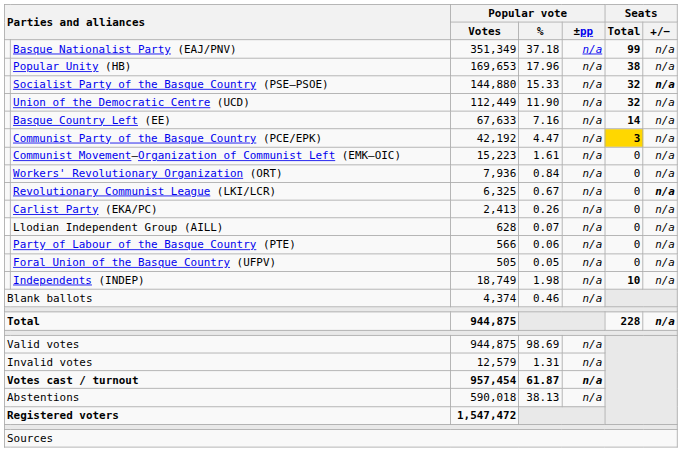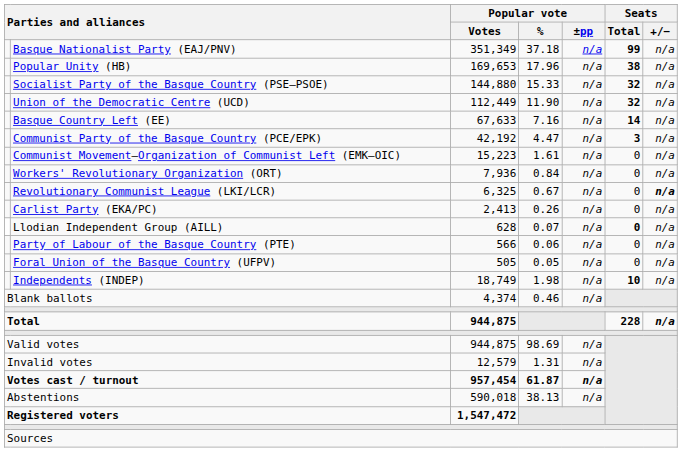 <table class="wikitable" style="text-align:right;">
 <tr>
 <th style="text-align:left;" rowspan="2" colspan="2" width="525">Parties and alliances</th>
 <th colspan="3">Popular vote</th>
 <th colspan="2">Seats</th>
 </tr>
 <tr>
 <th width="75">Votes</th>
 <th width="45">%</th>
 <th width="45">±<a href='#'>pp</a></th>
 <th width="35">Total</th>
 <th width="35">+/−</th>
 </tr>
 <tr>
 <td width="1" style="color:inherit;background:"></td>
 <td align="left"><a href='#'>Basque Nationalist Party</a> (EAJ/PNV)</td>
 <td>351,349</td>
 <td>37.18</td>
 <td><em><a href='#'>n/a</a></em></td>
 <td><strong>99</strong></td>
 <td><em>n/a</em></td>
 </tr>
 <tr>
 <td style="color:inherit;background:"></td>
 <td align="left"><a href='#'>Popular Unity</a> (HB)</td>
 <td>169,653</td>
 <td>17.96</td>
 <td><em>n/a</em></td>
 <td><strong>38</strong></td>
 <td><em>n/a</em></td>
 </tr>
 <tr>
 <td style="color:inherit;background:"></td>
 <td align="left"><a href='#'>Socialist Party of the Basque Country</a> (PSE–PSOE)</td>
 <td>144,880</td>
 <td>15.33</td>
 <td><em>n/a</em></td>
 <td><strong>32</strong></td>
-<td><strong><em>n/a</em></strong></td>
+<td><em>n/a</em></td>
 </tr>
 <tr>
 <td style="color:inherit;background:"></td>
 <td align="left"><a href='#'>Union of the Democratic Centre</a> (UCD)</td>
 <td>112,449</td>
 <td>11.90</td>
 <td><em>n/a</em></td>
 <td><strong>32</strong></td>
 <td><em>n/a</em></td>
 </tr>
 <tr>
 <td style="color:inherit;background:"></td>
 <td align="left"><a href='#'>Basque Country Left</a> (EE)</td>
 <td>67,633</td>
 <td>7.16</td>
 <td><em>n/a</em></td>
 <td><strong>14</strong></td>
 <td><em>n/a</em></td>
 </tr>
 <tr>
 <td style="color:inherit;background:"></td>
 <td align="left"><a href='#'>Communist Party of the Basque Country</a> (PCE/EPK)</td>
 <td>42,192</td>
 <td>4.47</td>
 <td><em>n/a</em></td>
-<td style="background: gold;"><strong>3</strong></td>
+<td><strong>3</strong></td>
 <td><em>n/a</em></td>
 </tr>
 <tr>
 <td style="color:inherit;background:"></td>
 <td align="left"><a href='#'>Communist Movement</a>–<a href='#'>Organization of Communist Left</a> (EMK–OIC)</td>
 <td>15,223</td>
 <td>1.61</td>
 <td><em>n/a</em></td>
 <td>0</td>
 <td><em>n/a</em></td>
 </tr>
 <tr>
 <td style="color:inherit;background:"></td>
 <td align="left"><a href='#'>Workers' Revolutionary Organization</a> (ORT)</td>
 <td>7,936</td>
 <td>0.84</td>
 <td><em>n/a</em></td>
 <td>0</td>
 <td><em>n/a</em></td>
 </tr>
 <tr>
 <td style="color:inherit;background:"></td>
 <td align="left"><a href='#'>Revolutionary Communist League</a> (LKI/LCR)</td>
 <td>6,325</td>
 <td>0.67</td>
 <td><em>n/a</em></td>
 <td>0</td>
 <td><strong><em>n/a</em></strong></td>
 </tr>
 <tr>
 <td style="color:inherit;background:"></td>
 <td align="left"><a href='#'>Carlist Party</a> (EKA/PC)</td>
 <td>2,413</td>
 <td>0.26</td>
 <td><em>n/a</em></td>
 <td>0</td>
 <td><em>n/a</em></td>
 </tr>
 <tr>
 <td bgcolor="white"></td>
 <td align="left">Llodian Independent Group (AILL)</td>
 <td>628</td>
 <td>0.07</td>
 <td><em>n/a</em></td>
-<td>0</td>
+<td><strong>0</strong></td>
 <td><em>n/a</em></td>
 </tr>
 <tr>
 <td style="color:inherit;background:"></td>
 <td align="left"><a href='#'>Party of Labour of the Basque Country</a> (PTE)</td>
 <td>566</td>
 <td>0.06</td>
 <td><em>n/a</em></td>
 <td>0</td>
 <td><em>n/a</em></td>
 </tr>
 <tr>
 <td style="color:inherit;background:"></td>
 <td align="left"><a href='#'>Foral Union of the Basque Country</a> (UFPV)</td>
 <td>505</td>
 <td>0.05</td>
 <td><em>n/a</em></td>
 <td>0</td>
 <td><em>n/a</em></td>
 </tr>
 <tr>
 <td style="color:inherit;background:"></td>
 <td align="left"><a href='#'>Independents</a> (INDEP)</td>
 <td>18,749</td>
 <td>1.98</td>
 <td><em>n/a</em></td>
 <td><strong>10</strong></td>
 <td><em>n/a</em></td>
 </tr>
 <tr>
 <td align="left" colspan="2">Blank ballots</td>
 <td>4,374</td>
 <td>0.46</td>
 <td><em>n/a</em></td>
 <td bgcolor="#E9E9E9" colspan="2"></td>
 </tr>
 <tr>
 <td colspan="7" bgcolor="#E9E9E9"></td>
 </tr>
 <tr style="font-weight:bold;">
 <td align="left" colspan="2">Total</td>
 <td>944,875</td>
 <td bgcolor="#E9E9E9" colspan="2"></td>
 <td>228</td>
 <td><em>n/a</em></td>
 </tr>
 <tr>
 <td colspan="7" bgcolor="#E9E9E9"></td>
 </tr>
 <tr>
 <td align="left" colspan="2">Valid votes</td>
 <td>944,875</td>
 <td>98.69</td>
 <td><em>n/a</em></td>
 <td bgcolor="#E9E9E9" colspan="2" rowspan="5"></td>
 </tr>
 <tr>
 <td align="left" colspan="2">Invalid votes</td>
 <td>12,579</td>
 <td>1.31</td>
 <td><em>n/a</em></td>
 </tr>
 <tr style="font-weight:bold;">
 <td align="left" colspan="2">Votes cast / turnout</td>
 <td>957,454</td>
 <td>61.87</td>
 <td><em>n/a</em></td>
 </tr>
 <tr>
 <td align="left" colspan="2">Abstentions</td>
 <td>590,018</td>
 <td>38.13</td>
 <td><em>n/a</em></td>
 </tr>
 <tr style="font-weight:bold;">
 <td align="left" colspan="2">Registered voters</td>
 <td>1,547,472</td>
 <td bgcolor="#E9E9E9" colspan="2"></td>
 </tr>
 <tr>
 <td colspan="7" bgcolor="#E9E9E9"></td>
 </tr>
 <tr>
 <td align="left" colspan="7">Sources</td>
 </tr>
 </table>
